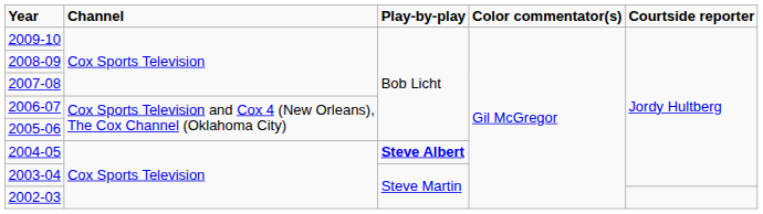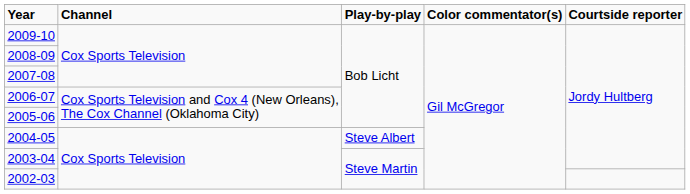 <table class="wikitable">
 <tr>
 <td><strong>Year</strong></td>
 <td><strong>Channel</strong></td>
 <td><strong>Play-by-play</strong></td>
 <td><strong>Color commentator(s)</strong></td>
 <td><strong>Courtside reporter</strong></td>
 </tr>
 <tr>
 <td><a href='#'>2009-10</a></td>
 <td rowspan=3><a href='#'>Cox Sports Television</a></td>
 <td rowspan=5>Bob Licht</td>
 <td rowspan=8><a href='#'>Gil McGregor</a></td>
 <td rowspan=7><a href='#'>Jordy Hultberg</a></td>
 </tr>
 <tr>
 <td><a href='#'>2008-09</a></td>
 </tr>
 <tr>
 <td><a href='#'>2007-08</a></td>
 </tr>
 <tr>
 <td><a href='#'>2006-07</a></td>
 <td rowspan=2><a href='#'>Cox Sports Television</a> and <a href='#'>Cox 4</a> (New Orleans),<br><a href='#'>The Cox Channel</a> (Oklahoma City)</td>
 </tr>
 <tr>
 <td><a href='#'>2005-06</a></td>
 </tr>
 <tr>
 <td><a href='#'>2004-05</a></td>
 <td rowspan=3><a href='#'>Cox Sports Television</a></td>
-<td><strong><a href='#'>Steve Albert</a></strong></td>
+<td><a href='#'>Steve Albert</a></td>
 </tr>
 <tr>
 <td><a href='#'>2003-04</a></td>
 <td rowspan=2><a href='#'>Steve Martin</a></td>
 </tr>
 <tr>
 <td><a href='#'>2002-03</a></td>
 <td></td>
 </tr>
 </table>
